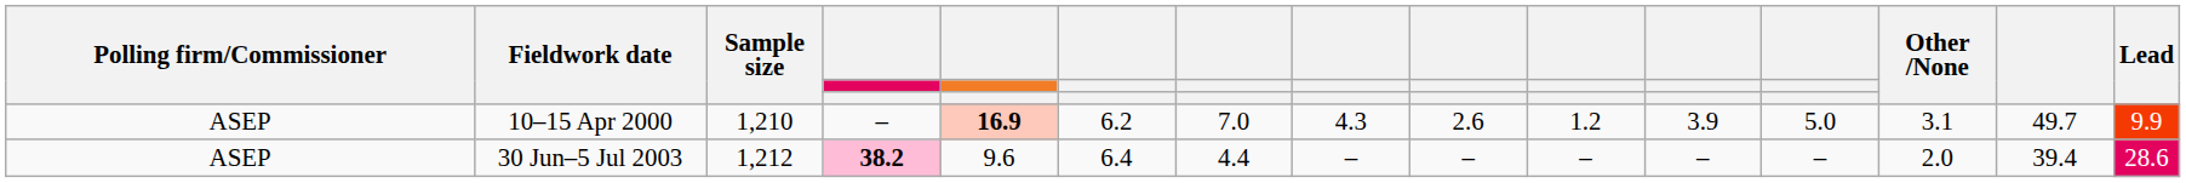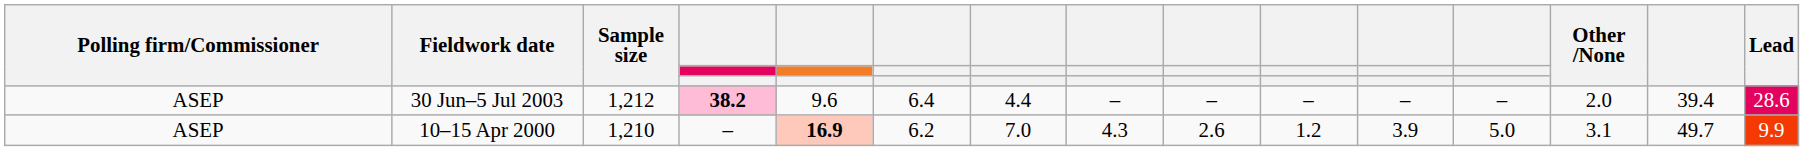 <table class="wikitable collapsible collapsed" style="text-align:center; font-size:90%; line-height:14px;">
 <tr style="height:42px;">
 <th style="width:260px;" rowspan="3">Polling firm/Commissioner</th>
 <th style="width:125px;" rowspan="3">Fieldwork date</th>
 <th style="width:60px;" rowspan="3">Sample size</th>
 <th style="width:60px;"></th>
 <th style="width:60px;"></th>
 <th style="width:60px;"></th>
 <th style="width:60px;"></th>
 <th style="width:60px;"></th>
 <th style="width:60px;"></th>
 <th style="width:60px;"></th>
 <th style="width:60px;"></th>
 <th style="width:60px;"></th>
 <th style="width:60px;" rowspan="3">Other<br>/None</th>
 <th style="width:60px;" rowspan="3"></th>
 <th style="width:30px;" rowspan="3">Lead</th>
 </tr>
 <tr>
 <th style="color:inherit;background:#E3035F;"></th>
 <th style="color:inherit;background:#F27D26;"></th>
 <th style="color:inherit;background:"></th>
 <th style="color:inherit;background:"></th>
 <th style="color:inherit;background:"></th>
 <th style="color:inherit;background:"></th>
 <th style="color:inherit;background:"></th>
 <th style="color:inherit;background:"></th>
 <th style="color:inherit;background:"></th>
 </tr>
 <tr>
 <th></th>
 <th></th>
 <th></th>
 <th></th>
 <th></th>
 <th></th>
 <th></th>
 <th></th>
 <th></th>
 </tr>
 <tr>
 <td>ASEP</td>
+<td>30 Jun–5 Jul 2003</td>
+<td>1,212</td>
+<td style="color:inherit;background:#FEBCD7;"><strong>38.2</strong></td>
+<td>9.6</td>
+<td>6.4</td>
+<td>4.4</td>
+<td>–</td>
+<td>–</td>
+<td>–</td>
+<td>–</td>
+<td>–</td>
+<td>2.0</td>
+<td>39.4</td>
+<td style="color:inherit;background:#E3035F; color:white;">28.6</td>
+</tr>
+<tr>
+<td>ASEP</td>
 <td>10–15 Apr 2000</td>
 <td>1,210</td>
 <td>–</td>
 <td style="color:inherit;background:#FEC9BA;"><strong>16.9</strong></td>
 <td>6.2</td>
 <td>7.0</td>
 <td>4.3</td>
 <td>2.6</td>
 <td>1.2</td>
 <td>3.9</td>
 <td>5.0</td>
 <td>3.1</td>
 <td>49.7</td>
 <td style="color:inherit;background:#F53903; color:white;">9.9</td>
 </tr>
-<tr>
-<td>ASEP</td>
-<td>30 Jun–5 Jul 2003</td>
-<td>1,212</td>
-<td style="color:inherit;background:#FEBCD7;"><strong>38.2</strong></td>
-<td>9.6</td>
-<td>6.4</td>
-<td>4.4</td>
-<td>–</td>
-<td>–</td>
-<td>–</td>
-<td>–</td>
-<td>–</td>
-<td>2.0</td>
-<td>39.4</td>
-<td style="color:inherit;background:#E3035F; color:white;">28.6</td>
-</tr>
 </table>
